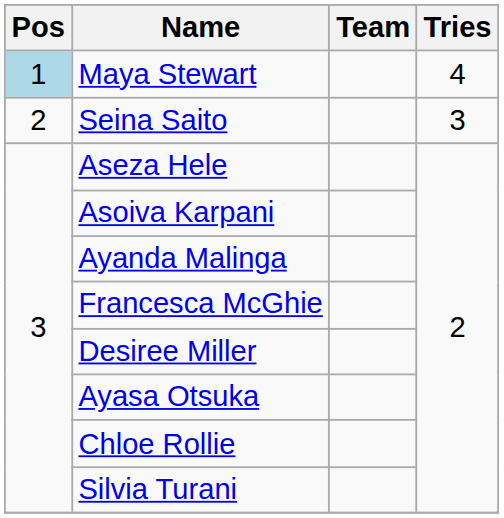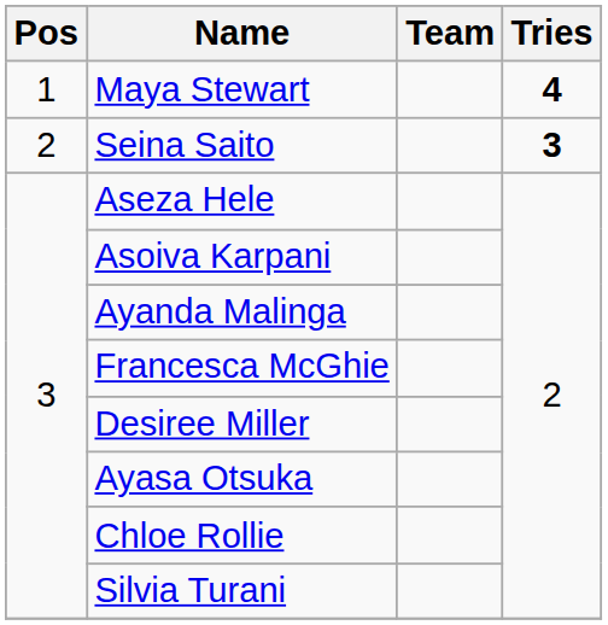 <table class="wikitable" style="text-align:center">
 <tr>
 <th>Pos</th>
 <th>Name</th>
 <th>Team</th>
 <th>Tries</th>
 </tr>
 <tr>
-<td style="background: lightblue;">1</td>
+<td>1</td>
 <td align="left"><a href='#'>Maya Stewart</a></td>
 <td align="left"></td>
-<td>4</td>
+<td><strong>4</strong></td>
 </tr>
 <tr>
 <td>2</td>
 <td align="left"><a href='#'>Seina Saito</a></td>
 <td align="left"></td>
-<td>3</td>
+<td><strong>3</strong></td>
 </tr>
 <tr>
 <td rowspan=8>3</td>
 <td align="left"><a href='#'>Aseza Hele</a></td>
 <td align="left"></td>
 <td rowspan=8>2</td>
 </tr>
 <tr>
 <td align="left"><a href='#'>Asoiva Karpani</a></td>
 <td align="left"></td>
 </tr>
 <tr>
 <td align="left"><a href='#'>Ayanda Malinga</a></td>
 <td align="left"></td>
 </tr>
 <tr>
 <td align="left"><a href='#'>Francesca McGhie</a></td>
 <td align="left"></td>
 </tr>
 <tr>
 <td align="left"><a href='#'>Desiree Miller</a></td>
 <td align="left"></td>
 </tr>
 <tr>
 <td align="left"><a href='#'>Ayasa Otsuka</a></td>
 <td align="left"></td>
 </tr>
 <tr>
 <td align="left"><a href='#'>Chloe Rollie</a></td>
 <td align="left"></td>
 </tr>
 <tr>
 <td align="left"><a href='#'>Silvia Turani</a></td>
 <td align="left"></td>
 </tr>
 <tr>
 </tr>
 </table>
